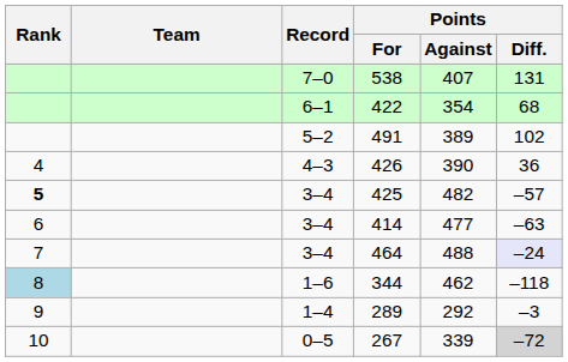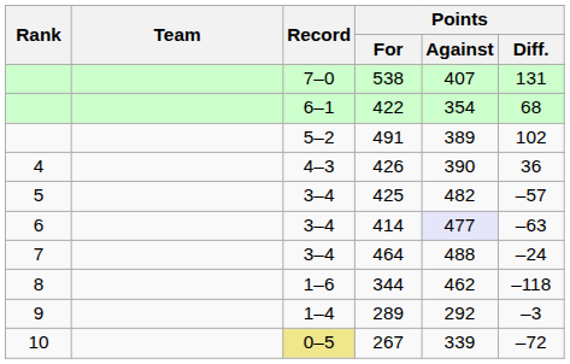 <table class="wikitable" style="text-align: center">
 <tr>
 <th width=50 rowspan=2>Rank</th>
 <th width=175 rowspan=2>Team</th>
 <th width=50 rowspan=2>Record</th>
 <th width=99 colspan=3>Points</th>
 </tr>
 <tr>
 <th width=50>For</th>
 <th width=50>Against</th>
 <th width=50>Diff.</th>
 </tr>
 <tr bgcolor=ccffcc>
 <td></td>
 <td align=left></td>
 <td>7–0</td>
 <td>538</td>
 <td>407</td>
 <td>131</td>
 </tr>
 <tr bgcolor=ccffcc>
 <td></td>
 <td align=left></td>
 <td>6–1</td>
 <td>422</td>
 <td>354</td>
 <td>68</td>
 </tr>
 <tr bgcolor=>
 <td></td>
 <td align=left></td>
 <td>5–2</td>
 <td>491</td>
 <td>389</td>
 <td>102</td>
 </tr>
 <tr bgcolor=>
 <td>4</td>
 <td align=left></td>
 <td>4–3</td>
 <td>426</td>
 <td>390</td>
 <td>36</td>
 </tr>
 <tr bgcolor=>
-<td><strong>5</strong></td>
+<td>5</td>
 <td align=left></td>
 <td>3–4</td>
 <td>425</td>
 <td>482</td>
 <td>–57</td>
 </tr>
 <tr>
 <td>6</td>
 <td align=left></td>
 <td>3–4</td>
 <td>414</td>
-<td>477</td>
+<td style="background: lavender;">477</td>
 <td>–63</td>
 </tr>
 <tr>
 <td>7</td>
 <td align=left></td>
 <td>3–4</td>
 <td>464</td>
 <td>488</td>
-<td style="background: lavender;">–24</td>
+<td>–24</td>
 </tr>
 <tr>
-<td style="background: lightblue;">8</td>
+<td>8</td>
 <td align=left></td>
 <td>1–6</td>
 <td>344</td>
 <td>462</td>
 <td>–118</td>
 </tr>
 <tr>
 <td>9</td>
 <td align=left></td>
 <td>1–4</td>
 <td>289</td>
 <td>292</td>
 <td>–3</td>
 </tr>
 <tr>
 <td>10</td>
 <td align=left></td>
-<td>0–5</td>
+<td style="background: khaki;">0–5</td>
 <td>267</td>
 <td>339</td>
-<td style="background: lightgrey;">–72</td>
+<td>–72</td>
 </tr>
 </table>
